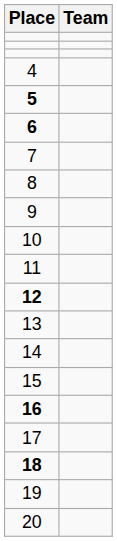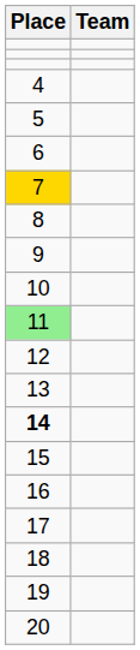 <table class="wikitable">
 <tr>
 <th>Place</th>
 <th>Team</th>
 </tr>
 <tr>
 <td align="center"></td>
 <td></td>
 </tr>
 <tr>
 <td align="center"></td>
 <td></td>
 </tr>
 <tr>
 <td align="center"></td>
 <td></td>
 </tr>
 <tr>
 <td align="center">4</td>
 <td></td>
 </tr>
 <tr>
-<td align="center"><strong>5</strong></td>
+<td align="center">5</td>
 <td></td>
 </tr>
 <tr>
-<td align="center"><strong>6</strong></td>
+<td align="center">6</td>
 <td></td>
 </tr>
 <tr>
-<td align="center">7</td>
+<td align="center" style="background: gold;">7</td>
 <td></td>
 </tr>
 <tr>
 <td align="center">8</td>
 <td></td>
 </tr>
 <tr>
 <td align="center">9</td>
 <td></td>
 </tr>
 <tr>
 <td align="center">10</td>
 <td></td>
 </tr>
 <tr>
-<td align="center">11</td>
+<td align="center" style="background: lightgreen;">11</td>
 <td></td>
 </tr>
 <tr>
-<td align="center"><strong>12</strong></td>
+<td align="center">12</td>
 <td></td>
 </tr>
 <tr>
 <td align="center">13</td>
 <td></td>
 </tr>
 <tr>
-<td align="center">14</td>
+<td align="center"><strong>14</strong></td>
 <td></td>
 </tr>
 <tr>
 <td align="center">15</td>
 <td></td>
 </tr>
 <tr>
-<td align="center"><strong>16</strong></td>
+<td align="center">16</td>
 <td></td>
 </tr>
 <tr>
 <td align="center">17</td>
 <td></td>
 </tr>
 <tr>
-<td align="center"><strong>18</strong></td>
+<td align="center">18</td>
 <td></td>
 </tr>
 <tr>
 <td align="center">19</td>
 <td></td>
 </tr>
 <tr>
 <td align="center">20</td>
 <td></td>
 </tr>
 </table>
